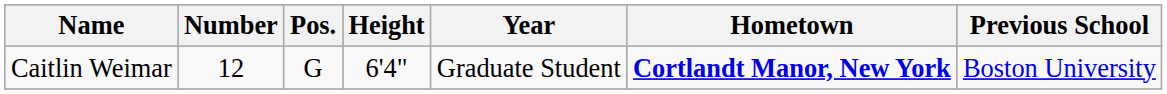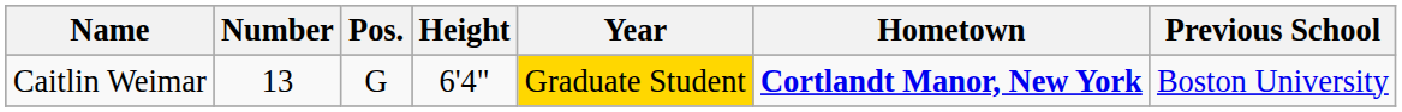 <table class="wikitable sortable" border="1" style="text-align: center;">
 <tr align=center>
 <th>Name</th>
 <th>Number</th>
 <th>Pos.</th>
 <th>Height</th>
 <th>Year</th>
 <th>Hometown</th>
 <th>Previous School</th>
 </tr>
 <tr>
 <td>Caitlin Weimar</td>
-<td>12</td>
+<td>13</td>
 <td>G</td>
 <td>6'4"</td>
-<td>Graduate Student</td>
+<td style="background: gold;">Graduate Student</td>
 <td><strong><a href='#'>Cortlandt Manor, New York</a></strong></td>
 <td><a href='#'>Boston University</a></td>
 </tr>
 </table>
